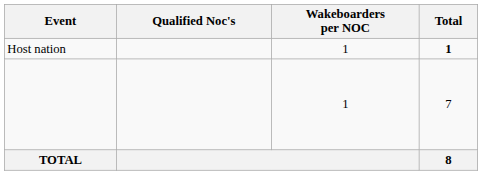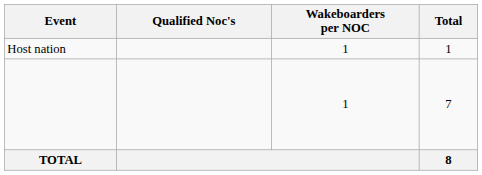 <table class="wikitable" width=600>
 <tr>
 <th>Event</th>
 <th>Qualified Noc's</th>
 <th>Wakeboarders<br> per NOC</th>
 <th>Total</th>
 </tr>
 <tr>
 <td>Host nation</td>
 <td></td>
 <td align="center">1</td>
-<td align="center"><strong>1</strong></td>
+<td align="center">1</td>
 </tr>
 <tr>
 <td></td>
 <td><br><br><br><br><br><br></td>
 <td align="center">1</td>
 <td align="center">7</td>
 </tr>
 <tr>
 <th>TOTAL</th>
 <th colspan="2"></th>
 <th>8</th>
 </tr>
 </table>
